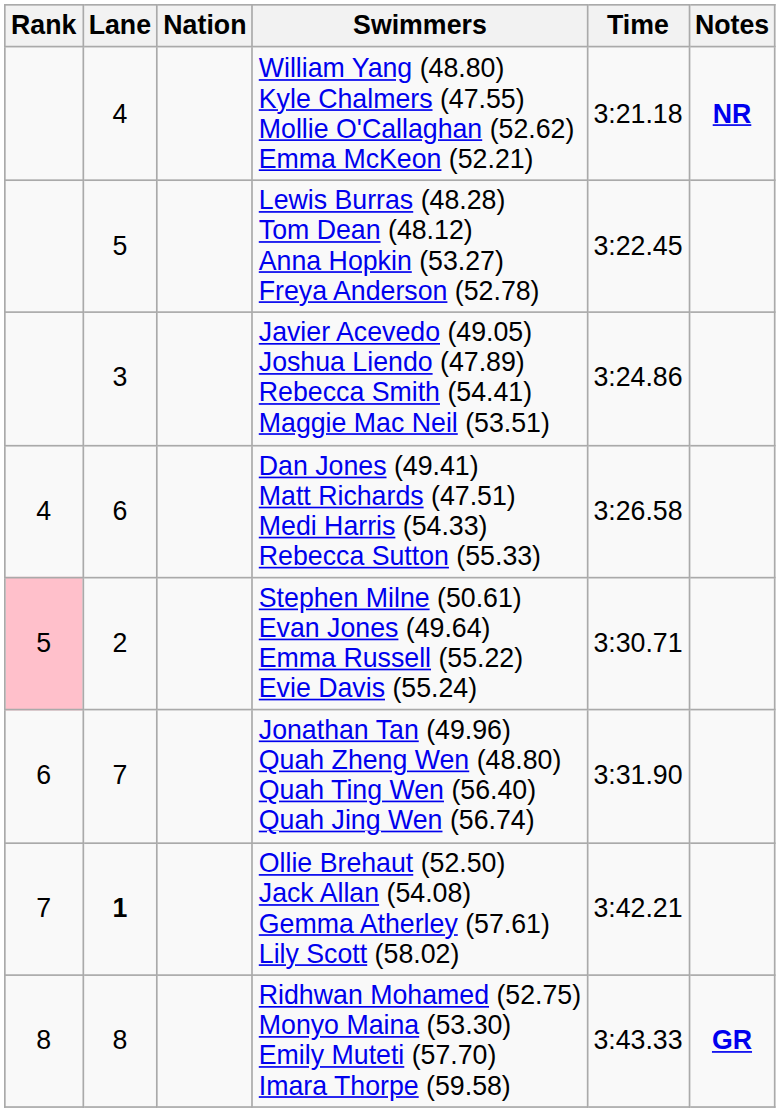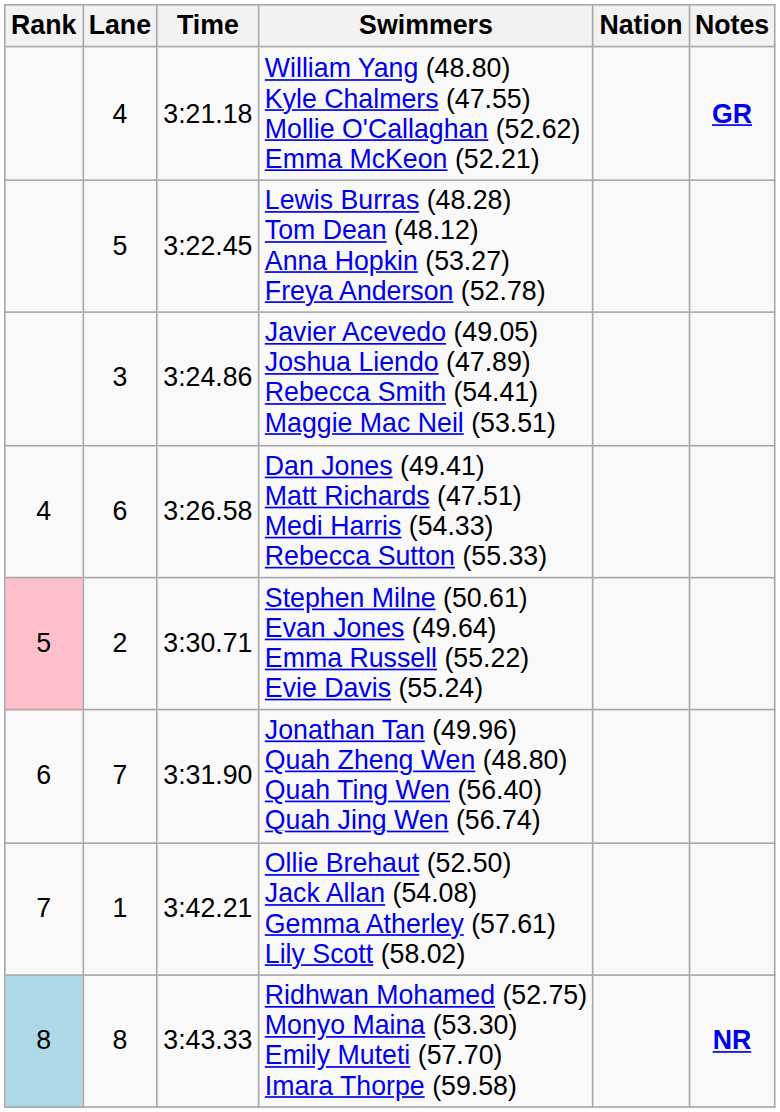 <table class="wikitable sortable" style="text-align:center">
 <tr>
 <th>Rank</th>
 <th>Lane</th>
+<th>Time</th>
+<th>Swimmers</th>
 <th>Nation</th>
-<th>Swimmers</th>
-<th>Time</th>
 <th>Notes</th>
 </tr>
 <tr>
 <td></td>
 <td>4</td>
+<td>3:21.18</td>
+<td align="left"><a href='#'>William Yang</a> (48.80)<br><a href='#'>Kyle Chalmers</a> (47.55)<br><a href='#'>Mollie O'Callaghan</a> (52.62)<br><a href='#'>Emma McKeon</a> (52.21)</td>
 <td align=left></td>
-<td align="left"><a href='#'>William Yang</a> (48.80)<br><a href='#'>Kyle Chalmers</a> (47.55)<br><a href='#'>Mollie O'Callaghan</a> (52.62)<br><a href='#'>Emma McKeon</a> (52.21)</td>
-<td>3:21.18</td>
-<td><strong><a href='#'>NR</a></strong></td>
+<td><strong><a href='#'>GR</a></strong></td>
 </tr>
 <tr>
 <td></td>
 <td>5</td>
+<td>3:22.45</td>
+<td align="left"><a href='#'>Lewis Burras</a> (48.28)<br><a href='#'>Tom Dean</a> (48.12)<br><a href='#'>Anna Hopkin</a> (53.27)<br><a href='#'>Freya Anderson</a> (52.78)</td>
 <td align=left></td>
-<td align="left"><a href='#'>Lewis Burras</a> (48.28)<br><a href='#'>Tom Dean</a> (48.12)<br><a href='#'>Anna Hopkin</a> (53.27)<br><a href='#'>Freya Anderson</a> (52.78)</td>
-<td>3:22.45</td>
 <td></td>
 </tr>
 <tr>
 <td></td>
 <td>3</td>
+<td>3:24.86</td>
+<td align="left"><a href='#'>Javier Acevedo</a> (49.05)<br><a href='#'>Joshua Liendo</a> (47.89)<br><a href='#'>Rebecca Smith</a> (54.41)<br><a href='#'>Maggie Mac Neil</a> (53.51)</td>
 <td align=left></td>
-<td align="left"><a href='#'>Javier Acevedo</a> (49.05)<br><a href='#'>Joshua Liendo</a> (47.89)<br><a href='#'>Rebecca Smith</a> (54.41)<br><a href='#'>Maggie Mac Neil</a> (53.51)</td>
-<td>3:24.86</td>
 <td></td>
 </tr>
 <tr>
 <td>4</td>
 <td>6</td>
+<td>3:26.58</td>
+<td align="left"><a href='#'>Dan Jones</a> (49.41)<br><a href='#'>Matt Richards</a> (47.51)<br><a href='#'>Medi Harris</a> (54.33)<br><a href='#'>Rebecca Sutton</a> (55.33)</td>
 <td align=left></td>
-<td align="left"><a href='#'>Dan Jones</a> (49.41)<br><a href='#'>Matt Richards</a> (47.51)<br><a href='#'>Medi Harris</a> (54.33)<br><a href='#'>Rebecca Sutton</a> (55.33)</td>
-<td>3:26.58</td>
 <td></td>
 </tr>
 <tr>
 <td style="background: pink;">5</td>
 <td>2</td>
+<td>3:30.71</td>
+<td align="left"><a href='#'>Stephen Milne</a> (50.61)<br><a href='#'>Evan Jones</a> (49.64)<br><a href='#'>Emma Russell</a> (55.22)<br><a href='#'>Evie Davis</a> (55.24)</td>
 <td align=left></td>
-<td align="left"><a href='#'>Stephen Milne</a> (50.61)<br><a href='#'>Evan Jones</a> (49.64)<br><a href='#'>Emma Russell</a> (55.22)<br><a href='#'>Evie Davis</a> (55.24)</td>
-<td>3:30.71</td>
 <td></td>
 </tr>
 <tr>
 <td>6</td>
 <td>7</td>
+<td>3:31.90</td>
+<td align="left"><a href='#'>Jonathan Tan</a> (49.96)<br><a href='#'>Quah Zheng Wen</a> (48.80)<br><a href='#'>Quah Ting Wen</a> (56.40)<br><a href='#'>Quah Jing Wen</a> (56.74)</td>
 <td align=left></td>
-<td align="left"><a href='#'>Jonathan Tan</a> (49.96)<br><a href='#'>Quah Zheng Wen</a> (48.80)<br><a href='#'>Quah Ting Wen</a> (56.40)<br><a href='#'>Quah Jing Wen</a> (56.74)</td>
-<td>3:31.90</td>
 <td></td>
 </tr>
 <tr>
 <td>7</td>
-<td><strong>1</strong></td>
+<td>1</td>
+<td>3:42.21</td>
+<td align="left"><a href='#'>Ollie Brehaut</a> (52.50)<br><a href='#'>Jack Allan</a> (54.08)<br><a href='#'>Gemma Atherley</a> (57.61)<br><a href='#'>Lily Scott</a> (58.02)</td>
 <td align=left></td>
-<td align="left"><a href='#'>Ollie Brehaut</a> (52.50)<br><a href='#'>Jack Allan</a> (54.08)<br><a href='#'>Gemma Atherley</a> (57.61)<br><a href='#'>Lily Scott</a> (58.02)</td>
-<td>3:42.21</td>
 <td></td>
 </tr>
 <tr>
+<td style="background: lightblue;">8</td>
 <td>8</td>
-<td>8</td>
+<td>3:43.33</td>
+<td align="left"><a href='#'>Ridhwan Mohamed</a> (52.75)<br><a href='#'>Monyo Maina</a> (53.30)<br><a href='#'>Emily Muteti</a> (57.70)<br><a href='#'>Imara Thorpe</a> (59.58)</td>
 <td align=left></td>
-<td align="left"><a href='#'>Ridhwan Mohamed</a> (52.75)<br><a href='#'>Monyo Maina</a> (53.30)<br><a href='#'>Emily Muteti</a> (57.70)<br><a href='#'>Imara Thorpe</a> (59.58)</td>
-<td>3:43.33</td>
-<td><strong><a href='#'>GR</a></strong></td>
+<td><strong><a href='#'>NR</a></strong></td>
 </tr>
 </table>
